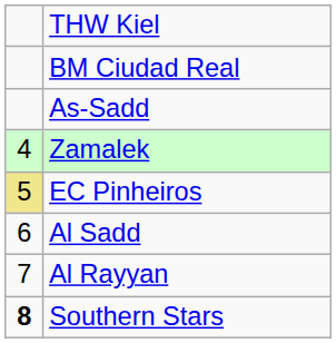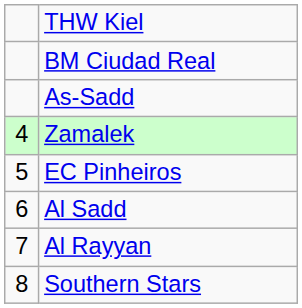 <table class="wikitable" width="200px">
 <tr>
 <td align=center></td>
 <td> <a href='#'>THW Kiel</a></td>
 </tr>
 <tr>
 <td align=center></td>
 <td> <a href='#'>BM Ciudad Real</a></td>
 </tr>
 <tr>
 <td align=center></td>
 <td> <a href='#'>As-Sadd</a></td>
 </tr>
 <tr>
 <td align=center bgcolor=#ccffcc>4</td>
 <td bgcolor=#ccffcc> <a href='#'>Zamalek</a></td>
 </tr>
 <tr>
-<td align=center style="background: khaki;">5</td>
+<td align=center>5</td>
 <td> <a href='#'>EC Pinheiros</a></td>
 </tr>
 <tr>
 <td align=center>6</td>
 <td> <a href='#'>Al Sadd</a></td>
 </tr>
 <tr>
 <td align=center>7</td>
 <td> <a href='#'>Al Rayyan</a></td>
 </tr>
 <tr>
-<td align=center><strong>8</strong></td>
+<td align=center>8</td>
 <td> <a href='#'>Southern Stars</a></td>
 </tr>
 </table>
